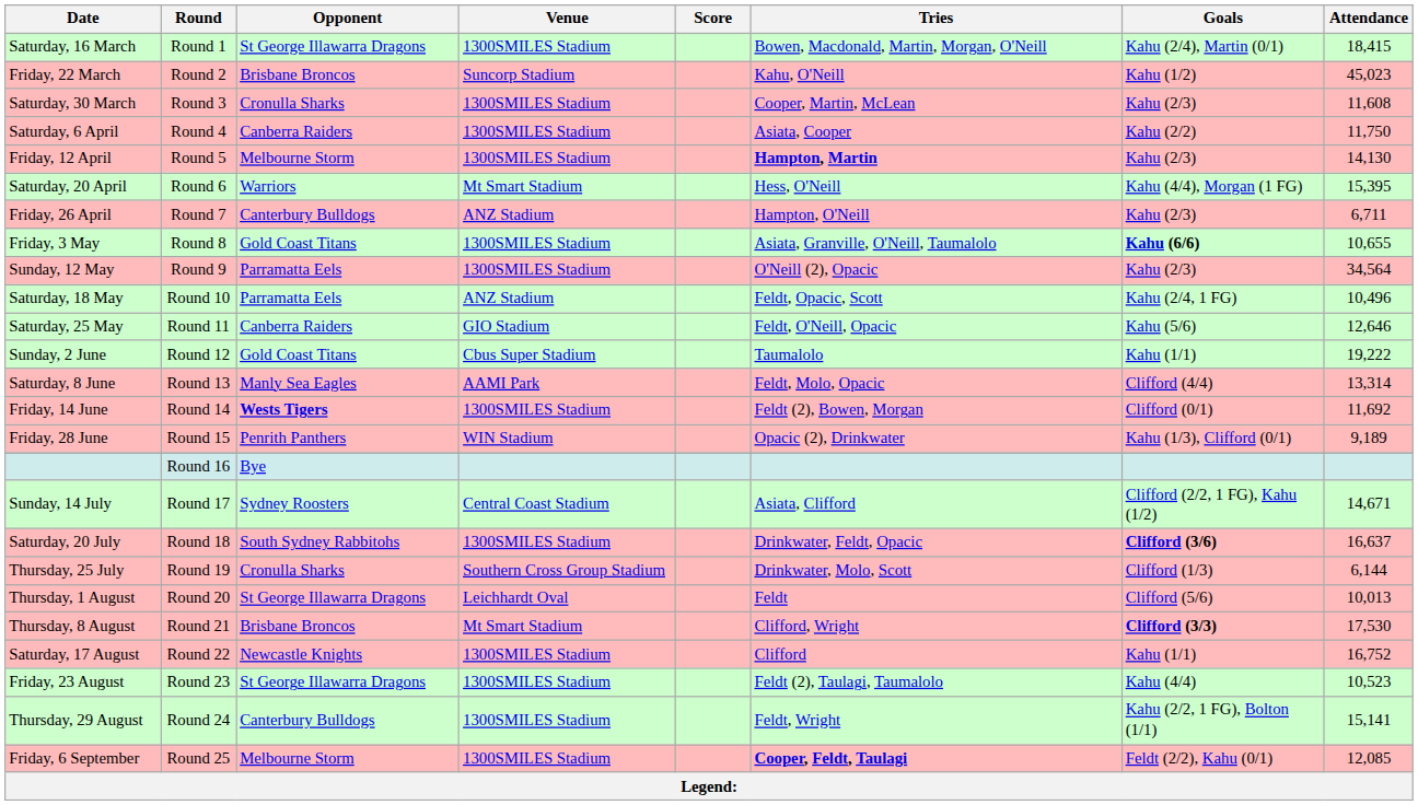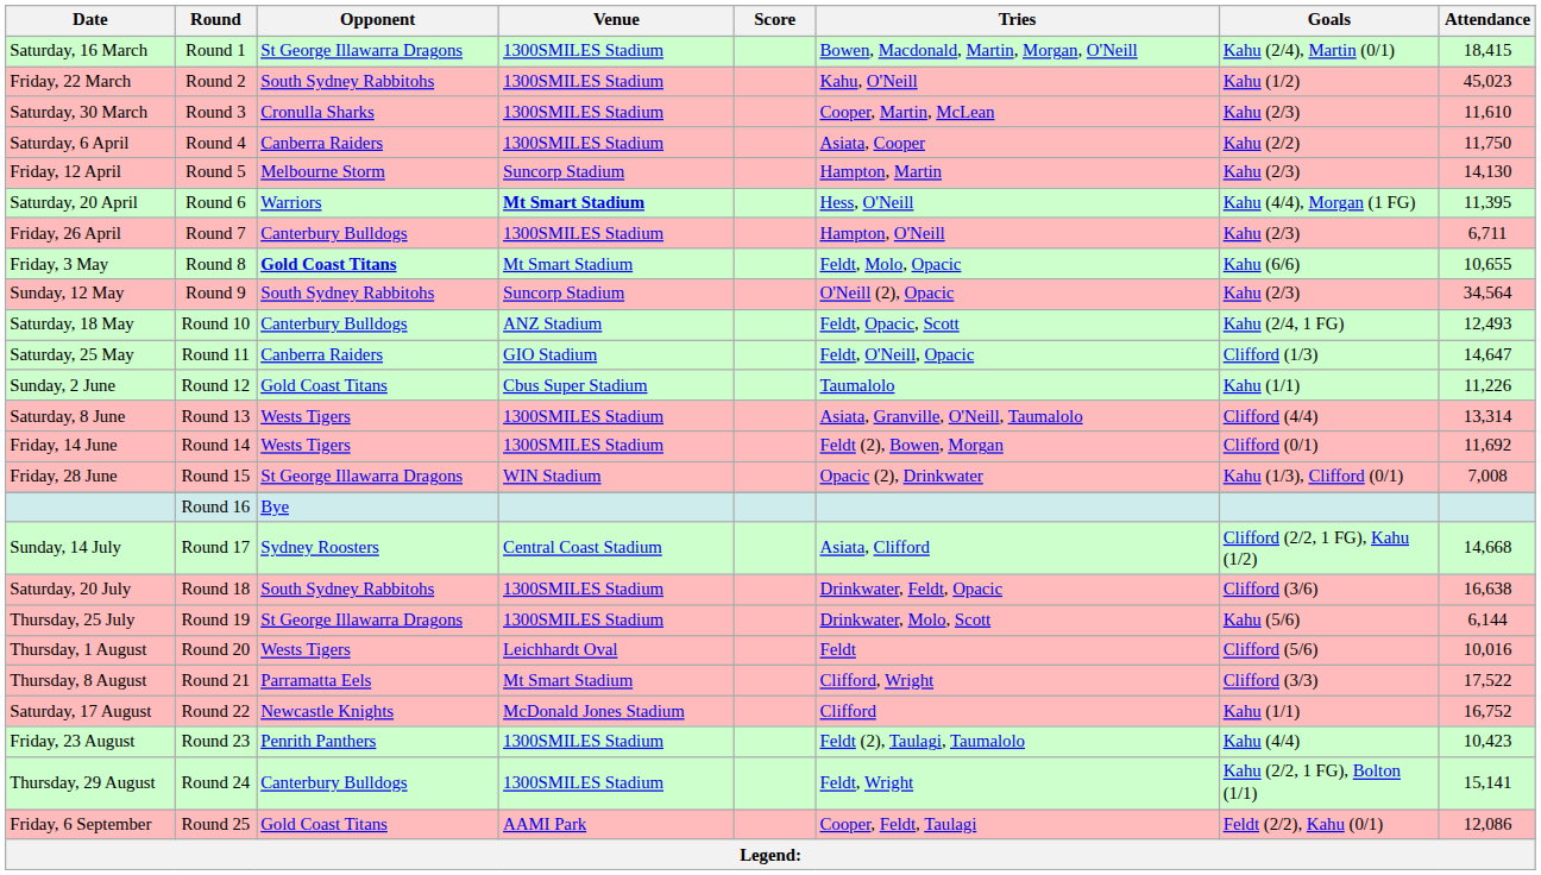 <table class="wikitable" style="font-size:75%;">
 <tr>
 <th style="width:110px;">Date</th>
 <th style="width:50px;">Round</th>
 <th style="width:160px;">Opponent</th>
 <th style="width:155px;">Venue</th>
 <th style="width:50px;">Score</th>
 <th style="width:270px;">Tries</th>
 <th style="width:145px;">Goals</th>
 <th style="width:60px;">Attendance</th>
 </tr>
 <tr style="background:#ccffcc;">
 <td>Saturday, 16 March</td>
 <td style="text-align:center;">Round 1</td>
 <td> <a href='#'>St George Illawarra Dragons</a></td>
 <td><a href='#'>1300SMILES Stadium</a></td>
 <td style="text-align:center;"></td>
 <td><a href='#'>Bowen</a>, <a href='#'>Macdonald</a>, <a href='#'>Martin</a>, <a href='#'>Morgan</a>, <a href='#'>O'Neill</a></td>
 <td><a href='#'>Kahu</a> (2/4), <a href='#'>Martin</a> (0/1)</td>
 <td style="text-align:center;">18,415</td>
 </tr>
 <tr style="background:#FFBBBB">
 <td>Friday, 22 March</td>
 <td style="text-align:center;">Round 2</td>
-<td> <a href='#'>Brisbane Broncos</a></td>
-<td><a href='#'>Suncorp Stadium</a></td>
+<td> <a href='#'>South Sydney Rabbitohs</a></td>
+<td><a href='#'>1300SMILES Stadium</a></td>
 <td style="text-align:center;"></td>
 <td><a href='#'>Kahu</a>, <a href='#'>O'Neill</a></td>
 <td><a href='#'>Kahu</a> (1/2)</td>
 <td style="text-align:center;">45,023</td>
 </tr>
 <tr style="background:#FFBBBB">
 <td>Saturday, 30 March</td>
 <td style="text-align:center;">Round 3</td>
 <td> <a href='#'>Cronulla Sharks</a></td>
 <td><a href='#'>1300SMILES Stadium</a></td>
 <td style="text-align:center;"></td>
 <td><a href='#'>Cooper</a>, <a href='#'>Martin</a>, <a href='#'>McLean</a></td>
 <td><a href='#'>Kahu</a> (2/3)</td>
-<td style="text-align:center;">11,608</td>
+<td style="text-align:center;">11,610</td>
 </tr>
 <tr style="background:#FFBBBB">
 <td>Saturday, 6 April</td>
 <td style="text-align:center;">Round 4</td>
 <td> <a href='#'>Canberra Raiders</a></td>
 <td><a href='#'>1300SMILES Stadium</a></td>
 <td style="text-align:center;"></td>
 <td><a href='#'>Asiata</a>, <a href='#'>Cooper</a></td>
 <td><a href='#'>Kahu</a> (2/2)</td>
 <td style="text-align:center;">11,750</td>
 </tr>
 <tr style="background:#FFBBBB">
 <td>Friday, 12 April</td>
 <td style="text-align:center;">Round 5</td>
 <td> <a href='#'>Melbourne Storm</a></td>
-<td><a href='#'>1300SMILES Stadium</a></td>
+<td><a href='#'>Suncorp Stadium</a></td>
 <td style="text-align:center;"></td>
-<td><strong><a href='#'>Hampton</a>, <a href='#'>Martin</a></strong></td>
+<td><a href='#'>Hampton</a>, <a href='#'>Martin</a></td>
 <td><a href='#'>Kahu</a> (2/3)</td>
 <td style="text-align:center;">14,130</td>
 </tr>
 <tr style="background:#ccffcc;">
 <td>Saturday, 20 April</td>
 <td style="text-align:center;">Round 6</td>
 <td> <a href='#'>Warriors</a></td>
-<td><a href='#'>Mt Smart Stadium</a></td>
+<td><strong><a href='#'>Mt Smart Stadium</a></strong></td>
 <td style="text-align:center;"></td>
 <td><a href='#'>Hess</a>, <a href='#'>O'Neill</a></td>
 <td><a href='#'>Kahu</a> (4/4), <a href='#'>Morgan</a> (1 FG)</td>
-<td style="text-align:center;">15,395</td>
+<td style="text-align:center;">11,395</td>
 </tr>
 <tr style="background:#FFBBBB">
 <td>Friday, 26 April</td>
 <td style="text-align:center;">Round 7</td>
 <td> <a href='#'>Canterbury Bulldogs</a></td>
-<td><a href='#'>ANZ Stadium</a></td>
+<td><a href='#'>1300SMILES Stadium</a></td>
 <td style="text-align:center;"></td>
 <td><a href='#'>Hampton</a>, <a href='#'>O'Neill</a></td>
 <td><a href='#'>Kahu</a> (2/3)</td>
 <td style="text-align:center;">6,711</td>
 </tr>
 <tr style="background:#ccffcc;">
 <td>Friday, 3 May</td>
 <td style="text-align:center;">Round 8</td>
-<td> <a href='#'>Gold Coast Titans</a></td>
-<td><a href='#'>1300SMILES Stadium</a></td>
+<td><strong> <a href='#'>Gold Coast Titans</a></strong></td>
+<td><a href='#'>Mt Smart Stadium</a></td>
 <td style="text-align:center;"></td>
-<td><a href='#'>Asiata</a>, <a href='#'>Granville</a>, <a href='#'>O'Neill</a>, <a href='#'>Taumalolo</a></td>
-<td><strong><a href='#'>Kahu</a> (6/6)</strong></td>
+<td><a href='#'>Feldt</a>, <a href='#'>Molo</a>, <a href='#'>Opacic</a></td>
+<td><a href='#'>Kahu</a> (6/6)</td>
 <td style="text-align:center;">10,655</td>
 </tr>
 <tr style="background:#FFBBBB">
 <td>Sunday, 12 May</td>
 <td style="text-align:center;">Round 9</td>
-<td> <a href='#'>Parramatta Eels</a></td>
-<td><a href='#'>1300SMILES Stadium</a></td>
+<td> <a href='#'>South Sydney Rabbitohs</a></td>
+<td><a href='#'>Suncorp Stadium</a></td>
 <td style="text-align:center;"></td>
 <td><a href='#'>O'Neill</a> (2), <a href='#'>Opacic</a></td>
 <td><a href='#'>Kahu</a> (2/3)</td>
 <td style="text-align:center;">34,564</td>
 </tr>
 <tr style="background:#ccffcc;">
 <td>Saturday, 18 May</td>
 <td style="text-align:center;">Round 10</td>
-<td> <a href='#'>Parramatta Eels</a></td>
+<td> <a href='#'>Canterbury Bulldogs</a></td>
 <td><a href='#'>ANZ Stadium</a></td>
 <td style="text-align:center;"></td>
 <td><a href='#'>Feldt</a>, <a href='#'>Opacic</a>, <a href='#'>Scott</a></td>
 <td><a href='#'>Kahu</a> (2/4, 1 FG)</td>
-<td style="text-align:center;">10,496</td>
+<td style="text-align:center;">12,493</td>
 </tr>
 <tr style="background:#ccffcc;">
 <td>Saturday, 25 May</td>
 <td style="text-align:center;">Round 11</td>
 <td> <a href='#'>Canberra Raiders</a></td>
 <td><a href='#'>GIO Stadium</a></td>
 <td style="text-align:center;"></td>
 <td><a href='#'>Feldt</a>, <a href='#'>O'Neill</a>, <a href='#'>Opacic</a></td>
-<td><a href='#'>Kahu</a> (5/6)</td>
-<td style="text-align:center;">12,646</td>
+<td><a href='#'>Clifford</a> (1/3)</td>
+<td style="text-align:center;">14,647</td>
 </tr>
 <tr style="background:#ccffcc;">
 <td>Sunday, 2 June</td>
 <td style="text-align:center;">Round 12</td>
 <td> <a href='#'>Gold Coast Titans</a></td>
 <td><a href='#'>Cbus Super Stadium</a></td>
 <td style="text-align:center;"></td>
 <td><a href='#'>Taumalolo</a></td>
 <td><a href='#'>Kahu</a> (1/1)</td>
-<td style="text-align:center;">19,222</td>
+<td style="text-align:center;">11,226</td>
 </tr>
 <tr style="background:#FFBBBB">
 <td>Saturday, 8 June</td>
 <td style="text-align:center;">Round 13</td>
-<td> <a href='#'>Manly Sea Eagles</a></td>
-<td><a href='#'>AAMI Park</a></td>
+<td> <a href='#'>Wests Tigers</a></td>
+<td><a href='#'>1300SMILES Stadium</a></td>
 <td style="text-align:center;"></td>
-<td><a href='#'>Feldt</a>, <a href='#'>Molo</a>, <a href='#'>Opacic</a></td>
+<td><a href='#'>Asiata</a>, <a href='#'>Granville</a>, <a href='#'>O'Neill</a>, <a href='#'>Taumalolo</a></td>
 <td><a href='#'>Clifford</a> (4/4)</td>
 <td style="text-align:center;">13,314</td>
 </tr>
 <tr style="background:#FFBBBB">
 <td>Friday, 14 June</td>
 <td style="text-align:center;">Round 14</td>
-<td><strong> <a href='#'>Wests Tigers</a></strong></td>
+<td> <a href='#'>Wests Tigers</a></td>
 <td><a href='#'>1300SMILES Stadium</a></td>
 <td style="text-align:center;"></td>
 <td><a href='#'>Feldt</a> (2), <a href='#'>Bowen</a>, <a href='#'>Morgan</a></td>
 <td><a href='#'>Clifford</a> (0/1)</td>
 <td style="text-align:center;">11,692</td>
 </tr>
 <tr style="background:#FFBBBB">
 <td>Friday, 28 June</td>
 <td style="text-align:center;">Round 15</td>
-<td> <a href='#'>Penrith Panthers</a></td>
+<td> <a href='#'>St George Illawarra Dragons</a></td>
 <td><a href='#'>WIN Stadium</a></td>
 <td style="text-align:center;"></td>
 <td><a href='#'>Opacic</a> (2), <a href='#'>Drinkwater</a></td>
 <td><a href='#'>Kahu</a> (1/3), <a href='#'>Clifford</a> (0/1)</td>
-<td style="text-align:center;">9,189</td>
+<td style="text-align:center;">7,008</td>
 </tr>
 <tr>
 </tr>
 <tr style="background:#cfecec;">
 <td></td>
 <td style="text-align:center;">Round 16</td>
 <td><a href='#'>Bye</a></td>
 <td></td>
 <td></td>
 <td></td>
 <td></td>
 <td></td>
 </tr>
 <tr style="background:#ccffcc;">
 <td>Sunday, 14 July</td>
 <td style="text-align:center;">Round 17</td>
 <td> <a href='#'>Sydney Roosters</a></td>
 <td><a href='#'>Central Coast Stadium</a></td>
 <td style="text-align:center;"></td>
 <td><a href='#'>Asiata</a>, <a href='#'>Clifford</a></td>
 <td><a href='#'>Clifford</a> (2/2, 1 FG), <a href='#'>Kahu</a> (1/2)</td>
-<td style="text-align:center;">14,671</td>
+<td style="text-align:center;">14,668</td>
 </tr>
 <tr style="background:#FFBBBB">
 <td>Saturday, 20 July</td>
 <td style="text-align:center;">Round 18</td>
 <td> <a href='#'>South Sydney Rabbitohs</a></td>
 <td><a href='#'>1300SMILES Stadium</a></td>
 <td style="text-align:center;"></td>
 <td><a href='#'>Drinkwater</a>, <a href='#'>Feldt</a>, <a href='#'>Opacic</a></td>
-<td><strong><a href='#'>Clifford</a> (3/6)</strong></td>
-<td style="text-align:center;">16,637</td>
+<td><a href='#'>Clifford</a> (3/6)</td>
+<td style="text-align:center;">16,638</td>
 </tr>
 <tr style="background:#FFBBBB">
 <td>Thursday, 25 July</td>
 <td style="text-align:center;">Round 19</td>
-<td> <a href='#'>Cronulla Sharks</a></td>
-<td><a href='#'>Southern Cross Group Stadium</a></td>
+<td> <a href='#'>St George Illawarra Dragons</a></td>
+<td><a href='#'>1300SMILES Stadium</a></td>
 <td style="text-align:center;"></td>
 <td><a href='#'>Drinkwater</a>, <a href='#'>Molo</a>, <a href='#'>Scott</a></td>
-<td><a href='#'>Clifford</a> (1/3)</td>
+<td><a href='#'>Kahu</a> (5/6)</td>
 <td style="text-align:center;">6,144</td>
 </tr>
 <tr style="background:#FFBBBB">
 <td>Thursday, 1 August</td>
 <td style="text-align:center;">Round 20</td>
-<td> <a href='#'>St George Illawarra Dragons</a></td>
+<td> <a href='#'>Wests Tigers</a></td>
 <td><a href='#'>Leichhardt Oval</a></td>
 <td style="text-align:center;"></td>
 <td><a href='#'>Feldt</a></td>
 <td><a href='#'>Clifford</a> (5/6)</td>
-<td style="text-align:center;">10,013</td>
+<td style="text-align:center;">10,016</td>
 </tr>
 <tr style="background:#FFBBBB">
 <td>Thursday, 8 August</td>
 <td style="text-align:center;">Round 21</td>
-<td> <a href='#'>Brisbane Broncos</a></td>
+<td> <a href='#'>Parramatta Eels</a></td>
 <td><a href='#'>Mt Smart Stadium</a></td>
 <td style="text-align:center;"></td>
 <td><a href='#'>Clifford</a>, <a href='#'>Wright</a></td>
-<td><strong><a href='#'>Clifford</a> (3/3)</strong></td>
-<td style="text-align:center;">17,530</td>
+<td><a href='#'>Clifford</a> (3/3)</td>
+<td style="text-align:center;">17,522</td>
 </tr>
 <tr style="background:#FFBBBB">
 <td>Saturday, 17 August</td>
 <td style="text-align:center;">Round 22</td>
 <td> <a href='#'>Newcastle Knights</a></td>
-<td><a href='#'>1300SMILES Stadium</a></td>
+<td><a href='#'>McDonald Jones Stadium</a></td>
 <td style="text-align:center;"></td>
 <td><a href='#'>Clifford</a></td>
 <td><a href='#'>Kahu</a> (1/1)</td>
 <td style="text-align:center;">16,752</td>
 </tr>
 <tr style="background:#ccffcc;">
 <td>Friday, 23 August</td>
 <td style="text-align:center;">Round 23</td>
-<td> <a href='#'>St George Illawarra Dragons</a></td>
+<td> <a href='#'>Penrith Panthers</a></td>
 <td><a href='#'>1300SMILES Stadium</a></td>
 <td style="text-align:center;"></td>
 <td><a href='#'>Feldt</a> (2), <a href='#'>Taulagi</a>, <a href='#'>Taumalolo</a></td>
 <td><a href='#'>Kahu</a> (4/4)</td>
-<td style="text-align:center;">10,523</td>
+<td style="text-align:center;">10,423</td>
 </tr>
 <tr style="background:#ccffcc;">
 <td>Thursday, 29 August</td>
 <td style="text-align:center;">Round 24</td>
 <td> <a href='#'>Canterbury Bulldogs</a></td>
 <td><a href='#'>1300SMILES Stadium</a></td>
 <td style="text-align:center;"></td>
 <td><a href='#'>Feldt</a>, <a href='#'>Wright</a></td>
 <td><a href='#'>Kahu</a> (2/2, 1 FG), <a href='#'>Bolton</a> (1/1)</td>
 <td style="text-align:center;">15,141</td>
 </tr>
 <tr style="background:#FFBBBB">
 <td>Friday, 6 September</td>
 <td style="text-align:center;">Round 25</td>
-<td> <a href='#'>Melbourne Storm</a></td>
-<td><a href='#'>1300SMILES Stadium</a></td>
+<td> <a href='#'>Gold Coast Titans</a></td>
+<td><a href='#'>AAMI Park</a></td>
 <td style="text-align:center;"></td>
-<td><strong><a href='#'>Cooper</a>, <a href='#'>Feldt</a>, <a href='#'>Taulagi</a></strong></td>
+<td><a href='#'>Cooper</a>, <a href='#'>Feldt</a>, <a href='#'>Taulagi</a></td>
 <td><a href='#'>Feldt</a> (2/2), <a href='#'>Kahu</a> (0/1)</td>
-<td style="text-align:center;">12,085</td>
+<td style="text-align:center;">12,086</td>
 </tr>
 <tr>
 <th colspan="11"><strong>Legend</strong>:    </th>
 </tr>
 </table>
